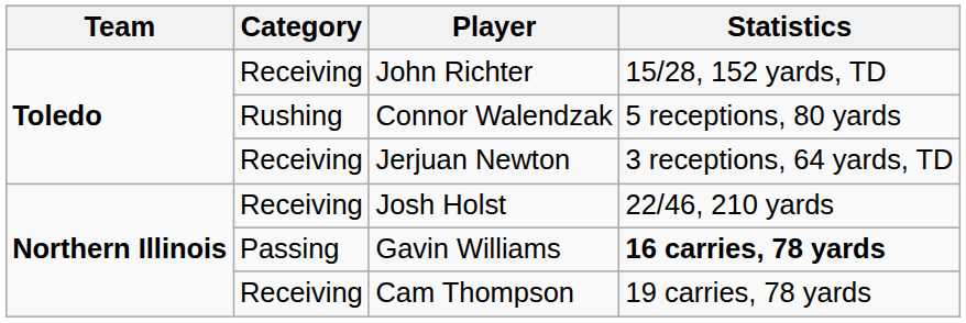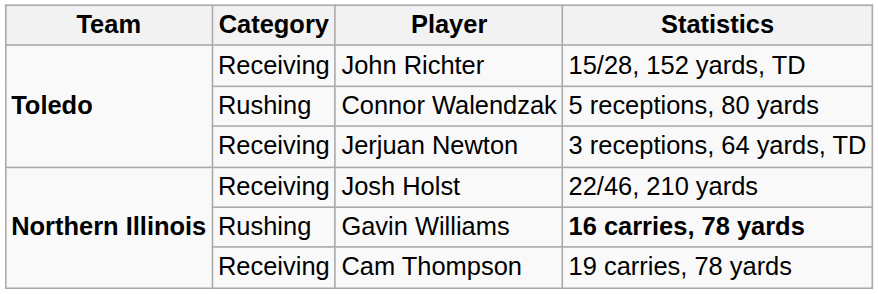 <table class="wikitable" style="float: right;">
 <tr>
 <th>Team</th>
 <th>Category</th>
 <th>Player</th>
 <th>Statistics</th>
 </tr>
 <tr>
 <td rowspan=3><strong>Toledo</strong></td>
 <td>Receiving</td>
 <td>John Richter</td>
 <td>15/28, 152 yards, TD</td>
 </tr>
 <tr>
 <td>Rushing</td>
 <td>Connor Walendzak</td>
 <td>5 receptions, 80 yards</td>
 </tr>
 <tr>
 <td>Receiving</td>
 <td>Jerjuan Newton</td>
 <td>3 receptions, 64 yards, TD</td>
 </tr>
 <tr>
 <td rowspan=3><strong>Northern Illinois</strong></td>
 <td>Receiving</td>
 <td>Josh Holst</td>
 <td>22/46, 210 yards</td>
 </tr>
 <tr>
-<td>Passing</td>
+<td>Rushing</td>
 <td>Gavin Williams</td>
 <td><strong>16 carries, 78 yards</strong></td>
 </tr>
 <tr>
 <td>Receiving</td>
 <td>Cam Thompson</td>
 <td>19 carries, 78 yards</td>
 </tr>
 </table>
